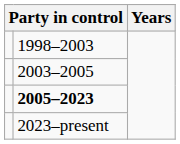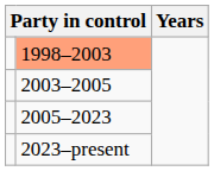 <table class="wikitable">
 <tr>
 <th colspan="2">Party in control</th>
 <th>Years</th>
 </tr>
 <tr>
 <td></td>
-<td>1998–2003</td>
+<td style="background: lightsalmon;">1998–2003</td>
 </tr>
 <tr>
 <td></td>
 <td>2003–2005</td>
 </tr>
 <tr>
 <td></td>
-<td><strong>2005–2023</strong></td>
+<td>2005–2023</td>
 </tr>
 <tr>
 <td></td>
 <td>2023–present</td>
 </tr>
 </table>
